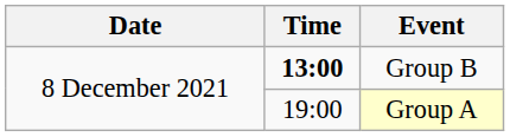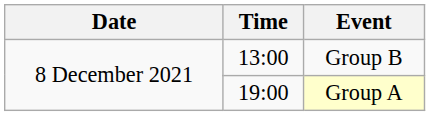 <table class = "wikitable" style="text-align:center;">
 <tr>
 <th width=150>Date</th>
 <th width=50>Time</th>
 <th width=80>Event</th>
 </tr>
 <tr>
 <td rowspan=2>8 December 2021</td>
-<td><strong>13:00</strong></td>
+<td>13:00</td>
 <td>Group B</td>
 </tr>
 <tr>
 <td>19:00</td>
 <td bgcolor=ffffcc>Group A</td>
 </tr>
 </table>
